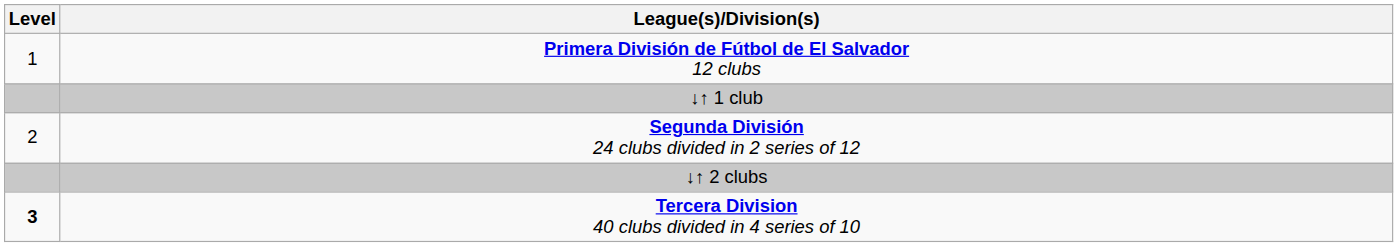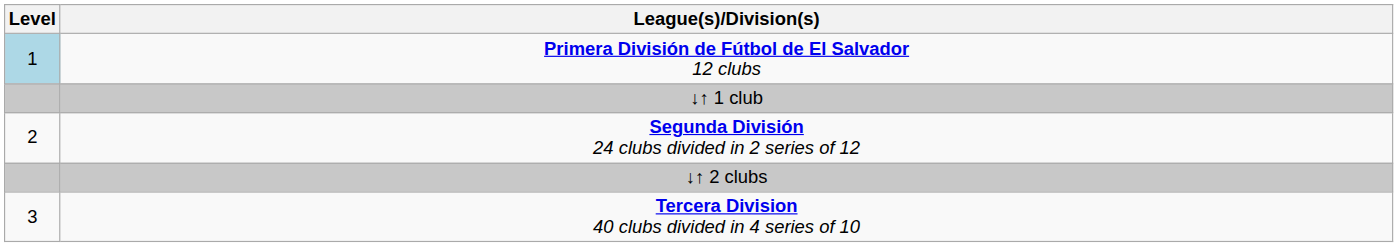 <table class="wikitable" style="text-align: center;">
 <tr>
 <th>Level</th>
 <th colspan="12">League(s)/Division(s)</th>
 </tr>
 <tr>
-<td>1</td>
+<td style="background: lightblue;">1</td>
 <td colspan="12"><strong><a href='#'>Primera División de Fútbol de El Salvador</a></strong><br><em>12 clubs</em></td>
 </tr>
 <tr style="background:#c8c8c8">
 <td style="width:4%;"></td>
 <td colspan="9" style="width:96%;">↓↑ 1 club</td>
 </tr>
 <tr>
 <td>2</td>
 <td colspan="12"><strong><a href='#'>Segunda División</a></strong><br><em>24 clubs divided in 2 series of 12</em></td>
 </tr>
 <tr style="background:#c8c8c8">
 <td style="width:4%;"></td>
 <td colspan="9" style="width:96%;">↓↑ 2 clubs</td>
 </tr>
 <tr>
-<td><strong>3</strong></td>
+<td>3</td>
 <td colspan="12"><strong><a href='#'>Tercera Division</a></strong><br><em>40 clubs divided in 4 series of 10</em></td>
 </tr>
 </table>
